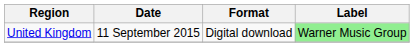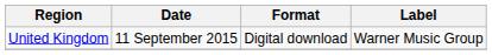 <table class=wikitable>
 <tr>
 <th>Region</th>
 <th>Date</th>
 <th>Format</th>
 <th>Label</th>
 </tr>
 <tr>
 <td><a href='#'>United Kingdom</a></td>
 <td>11 September 2015</td>
 <td>Digital download</td>
-<td style="background: lightgreen;">Warner Music Group</td>
+<td>Warner Music Group</td>
 </tr>
 <tr>
 </tr>
 </table>
